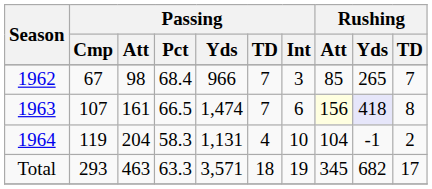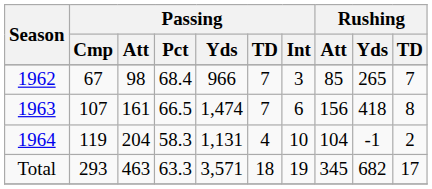 <table class=wikitable style="text-align:center">
 <tr>
 <th rowspan="2">Season</th>
 <th colspan="6">Passing</th>
 <th colspan="4">Rushing</th>
 </tr>
 <tr>
 <th>Cmp</th>
 <th>Att</th>
 <th>Pct</th>
 <th>Yds</th>
 <th>TD</th>
 <th>Int</th>
 <th>Att</th>
 <th>Yds</th>
 <th>TD</th>
 </tr>
 <tr>
 </tr>
 <tr>
 <td><a href='#'>1962</a></td>
 <td>67</td>
 <td>98</td>
 <td>68.4</td>
 <td>966</td>
 <td>7</td>
 <td>3</td>
 <td>85</td>
 <td>265</td>
 <td>7</td>
 </tr>
 <tr>
 <td><a href='#'>1963</a></td>
 <td>107</td>
 <td>161</td>
 <td>66.5</td>
 <td>1,474</td>
 <td>7</td>
 <td>6</td>
-<td style="background: lightyellow;">156</td>
-<td style="background: lavender;">418</td>
+<td>156</td>
+<td>418</td>
 <td>8</td>
 </tr>
 <tr>
 <td><a href='#'>1964</a></td>
 <td>119</td>
 <td>204</td>
 <td>58.3</td>
 <td>1,131</td>
 <td>4</td>
 <td>10</td>
 <td>104</td>
 <td>-1</td>
 <td>2</td>
 </tr>
 <tr>
 <td>Total</td>
 <td>293</td>
 <td>463</td>
 <td>63.3</td>
 <td>3,571</td>
 <td>18</td>
 <td>19</td>
 <td>345</td>
 <td>682</td>
 <td>17</td>
 </tr>
 <tr>
 </tr>
 </table>
